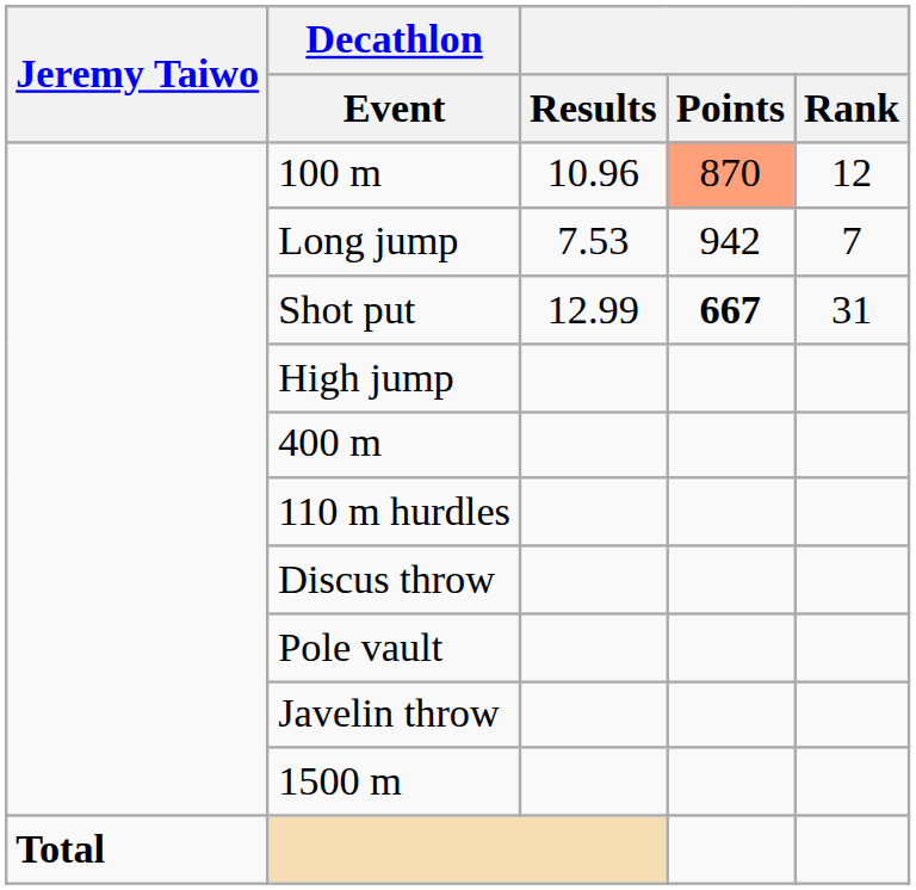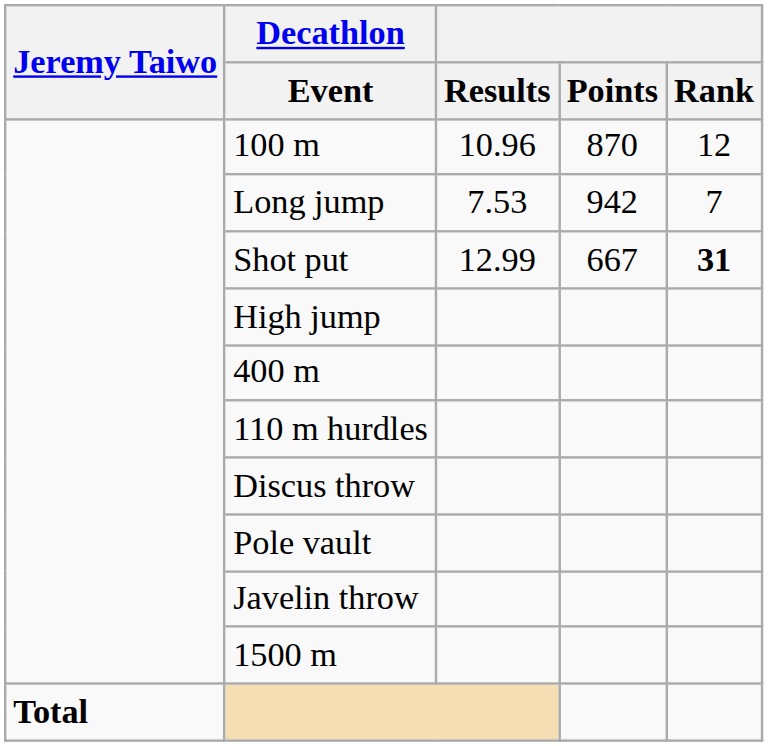 <table class=wikitable style="font-size:90%;">
 <tr>
 <th rowspan="2"><strong><a href='#'>Jeremy Taiwo</a></strong></th>
 <th><a href='#'>Decathlon</a></th>
 <th colspan="3"></th>
 </tr>
 <tr>
 <th>Event</th>
 <th>Results</th>
 <th>Points</th>
 <th>Rank</th>
 </tr>
 <tr style="border-top: single;">
 <td rowspan="10"></td>
 <td>100 m</td>
 <td align=center>10.96</td>
-<td align=center style="background: lightsalmon;">870</td>
+<td align=center>870</td>
 <td align=center>12</td>
 </tr>
 <tr>
 <td>Long jump</td>
 <td align=center>7.53</td>
 <td align=center>942</td>
 <td align=center>7</td>
 </tr>
 <tr>
 <td>Shot put</td>
 <td align=center>12.99</td>
-<td align=center><strong>667</strong></td>
-<td align=center>31</td>
+<td align=center>667</td>
+<td align=center><strong>31</strong></td>
 </tr>
 <tr>
 <td>High jump</td>
 <td align=center></td>
 <td align=center></td>
 <td align=center></td>
 </tr>
 <tr>
 <td>400 m</td>
 <td align=center></td>
 <td align=center></td>
 <td align=center></td>
 </tr>
 <tr>
 <td>110 m hurdles</td>
 <td align=center></td>
 <td align=center></td>
 <td align=center></td>
 </tr>
 <tr>
 <td>Discus throw</td>
 <td align=center></td>
 <td align=center></td>
 <td align=center></td>
 </tr>
 <tr>
 <td>Pole vault</td>
 <td align=center></td>
 <td align=center></td>
 <td align=center></td>
 </tr>
 <tr>
 <td>Javelin throw</td>
 <td align=center></td>
 <td align=center></td>
 <td align=center></td>
 </tr>
 <tr>
 <td>1500 m</td>
 <td align=center></td>
 <td align=center></td>
 <td align=center></td>
 </tr>
 <tr style="border-top: single;">
 <td><strong>Total</strong></td>
 <td colspan="2" style="background:wheat;"></td>
 <td align=center></td>
 <td align=center></td>
 </tr>
 </table>
